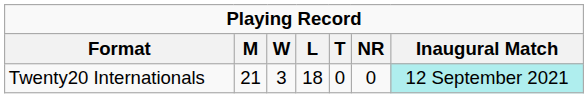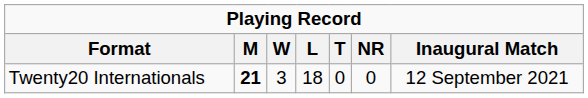 <table class="wikitable" style="text-align: center; width: 500px;">
 <tr>
 <td colspan=7 align="center"><strong>Playing Record</strong></td>
 </tr>
 <tr>
 <th>Format</th>
 <th>M</th>
 <th>W</th>
 <th>L</th>
 <th>T</th>
 <th>NR</th>
 <th>Inaugural Match</th>
 </tr>
 <tr>
 <td align="left">Twenty20 Internationals</td>
-<td>21</td>
+<td><strong>21</strong></td>
 <td>3</td>
 <td>18</td>
 <td>0</td>
 <td>0</td>
-<td style="background: paleturquoise;">12 September 2021</td>
+<td>12 September 2021</td>
 </tr>
 </table>
